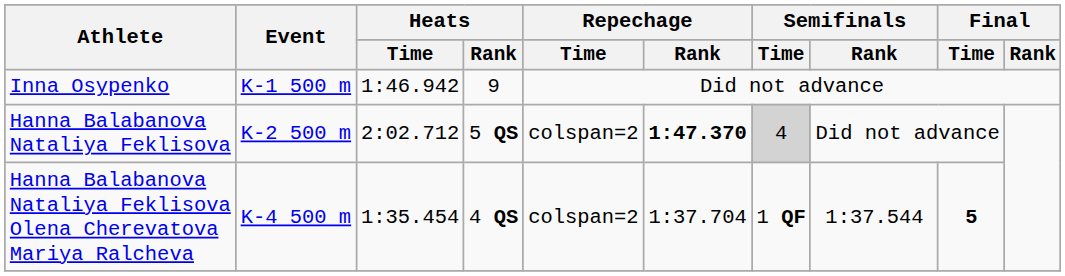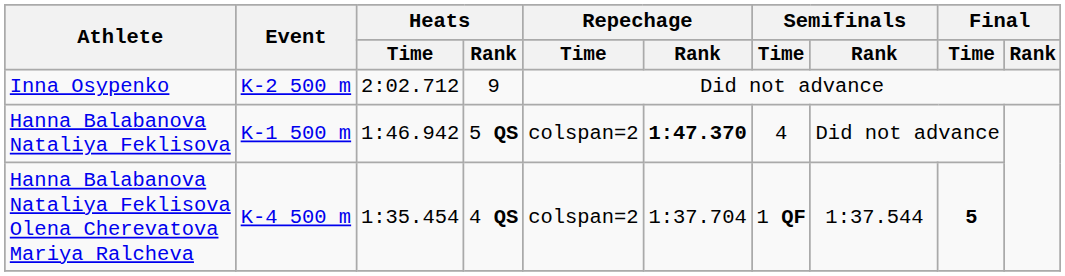 <table class=wikitable style="font-size:90%">
 <tr>
 <th rowspan="2">Athlete</th>
 <th rowspan="2">Event</th>
 <th colspan="2">Heats</th>
 <th colspan="2">Repechage</th>
 <th colspan="2">Semifinals</th>
 <th colspan="2">Final</th>
 </tr>
 <tr style="font-size:95%">
 <th>Time</th>
 <th>Rank</th>
 <th>Time</th>
 <th>Rank</th>
 <th>Time</th>
 <th>Rank</th>
 <th>Time</th>
 <th>Rank</th>
 </tr>
 <tr align=center>
 <td align=left><a href='#'>Inna Osypenko</a></td>
-<td align=left><a href='#'>K-1 500 m</a></td>
-<td>1:46.942</td>
+<td align=left><a href='#'>K-2 500 m</a></td>
+<td>2:02.712</td>
 <td>9</td>
 <td colspan=6>Did not advance</td>
 </tr>
 <tr align=center>
 <td align=left><a href='#'>Hanna Balabanova</a><br><a href='#'>Nataliya Feklisova</a></td>
-<td align=left><a href='#'>K-2 500 m</a></td>
-<td>2:02.712</td>
+<td align=left><a href='#'>K-1 500 m</a></td>
+<td>1:46.942</td>
 <td>5 <strong>QS</strong></td>
 <td>colspan=2 </td>
 <td><strong>1:47.370</strong></td>
-<td style="background: lightgrey;">4</td>
+<td>4</td>
 <td colspan=2>Did not advance</td>
 </tr>
 <tr align=center>
 <td align=left><a href='#'>Hanna Balabanova</a><br><a href='#'>Nataliya Feklisova</a><br><a href='#'>Olena Cherevatova</a><br><a href='#'>Mariya Ralcheva</a></td>
 <td align=left><a href='#'>K-4 500 m</a></td>
 <td>1:35.454</td>
 <td>4 <strong>QS</strong></td>
 <td>colspan=2 </td>
 <td>1:37.704</td>
 <td>1 <strong>QF</strong></td>
 <td>1:37.544</td>
 <td><strong>5</strong></td>
 </tr>
 </table>
